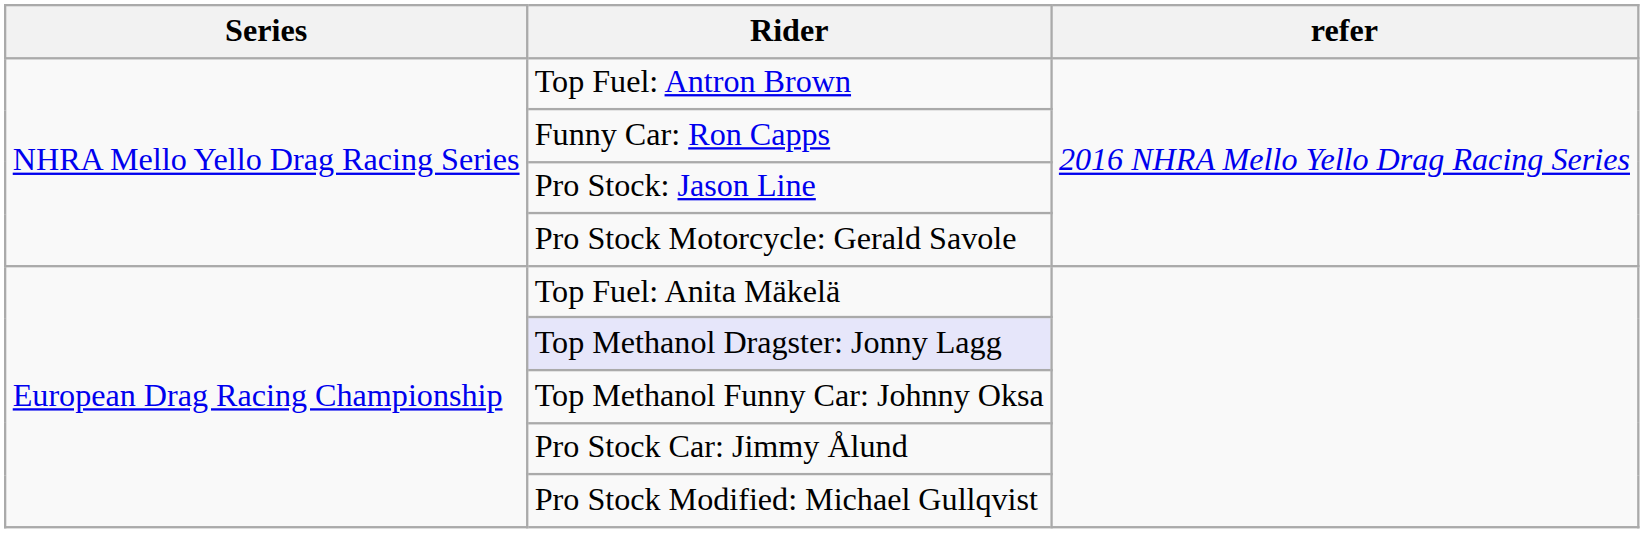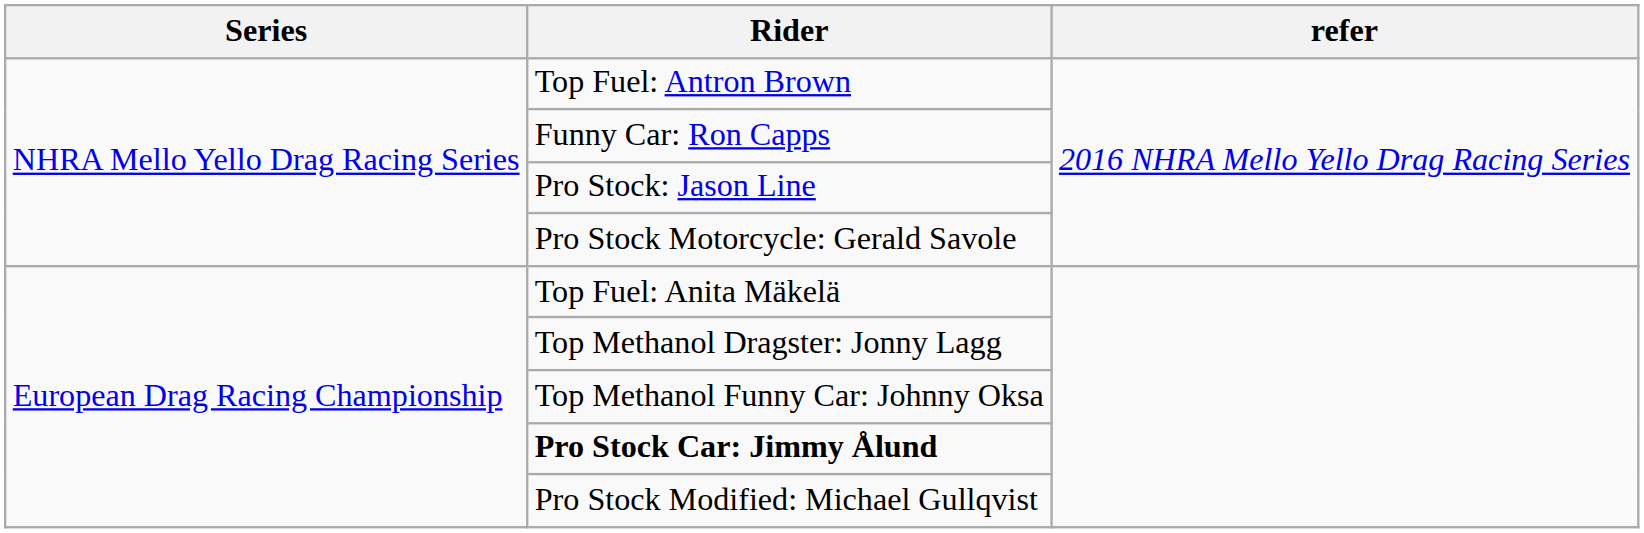 <table class="wikitable" style="font-size:87%">
 <tr>
 <th>Series</th>
 <th>Rider</th>
 <th>refer</th>
 </tr>
 <tr>
 <td rowspan="4"><a href='#'>NHRA Mello Yello Drag Racing Series</a></td>
 <td>Top Fuel:  <a href='#'>Antron Brown</a></td>
 <td rowspan="4"><em><a href='#'>2016 NHRA Mello Yello Drag Racing Series</a></em></td>
 </tr>
 <tr>
 <td>Funny Car:  <a href='#'>Ron Capps</a></td>
 </tr>
 <tr>
 <td>Pro Stock:  <a href='#'>Jason Line</a></td>
 </tr>
 <tr>
 <td>Pro Stock Motorcycle:  Gerald Savole</td>
 </tr>
 <tr>
 <td rowspan=5><a href='#'>European Drag Racing Championship</a></td>
 <td>Top Fuel:  Anita Mäkelä</td>
 <td rowspan=5></td>
 </tr>
 <tr>
-<td style="background: lavender;">Top Methanol Dragster:  Jonny Lagg</td>
+<td>Top Methanol Dragster:  Jonny Lagg</td>
 </tr>
 <tr>
 <td>Top Methanol Funny Car:  Johnny Oksa</td>
 </tr>
 <tr>
-<td>Pro Stock Car:  Jimmy Ålund</td>
+<td><strong>Pro Stock Car:  Jimmy Ålund</strong></td>
 </tr>
 <tr>
 <td>Pro Stock Modified:  Michael Gullqvist</td>
 </tr>
 </table>
